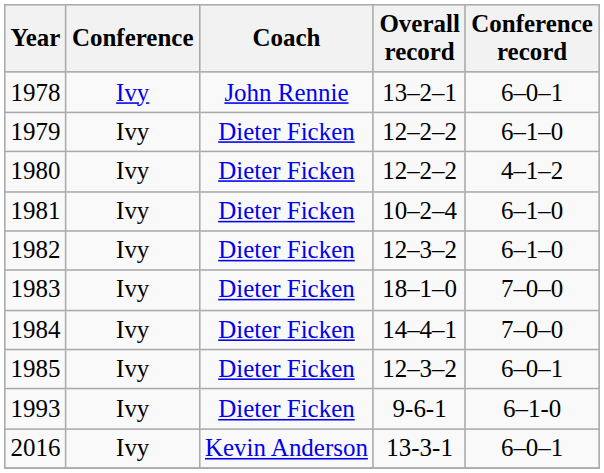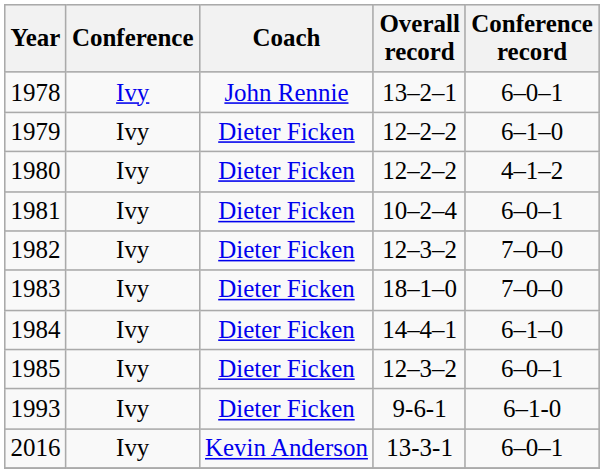 <table class="wikitable" style="width: %;">
 <tr>
 <th>Year</th>
 <th>Conference</th>
 <th>Coach</th>
 <th>Overall<br>record</th>
 <th>Conference<br>record</th>
 </tr>
 <tr style="text-align:center;">
 <td>1978</td>
 <td><a href='#'>Ivy</a></td>
 <td><a href='#'>John Rennie</a></td>
 <td>13–2–1</td>
 <td>6–0–1</td>
 </tr>
 <tr style="text-align:center;">
 <td>1979</td>
 <td>Ivy</td>
 <td><a href='#'>Dieter Ficken</a></td>
 <td>12–2–2</td>
 <td>6–1–0</td>
 </tr>
 <tr style="text-align:center;">
 <td>1980</td>
 <td>Ivy</td>
 <td><a href='#'>Dieter Ficken</a></td>
 <td>12–2–2</td>
 <td>4–1–2</td>
 </tr>
 <tr style="text-align:center;">
 <td>1981</td>
 <td>Ivy</td>
 <td><a href='#'>Dieter Ficken</a></td>
 <td>10–2–4</td>
-<td>6–1–0</td>
+<td>6–0–1</td>
 </tr>
 <tr style="text-align:center;">
 <td>1982</td>
 <td>Ivy</td>
 <td><a href='#'>Dieter Ficken</a></td>
 <td>12–3–2</td>
-<td>6–1–0</td>
+<td>7–0–0</td>
 </tr>
 <tr style="text-align:center;">
 <td>1983</td>
 <td>Ivy</td>
 <td><a href='#'>Dieter Ficken</a></td>
 <td>18–1–0</td>
 <td>7–0–0</td>
 </tr>
 <tr style="text-align:center;">
 <td>1984</td>
 <td>Ivy</td>
 <td><a href='#'>Dieter Ficken</a></td>
 <td>14–4–1</td>
-<td>7–0–0</td>
+<td>6–1–0</td>
 </tr>
 <tr style="text-align:center;">
 <td>1985</td>
 <td>Ivy</td>
 <td><a href='#'>Dieter Ficken</a></td>
 <td>12–3–2</td>
 <td>6–0–1</td>
 </tr>
 <tr style="text-align:center;">
 <td>1993</td>
 <td>Ivy</td>
 <td><a href='#'>Dieter Ficken</a></td>
 <td>9-6-1</td>
 <td>6–1-0</td>
 </tr>
 <tr style="text-align:center;">
 <td>2016</td>
 <td>Ivy</td>
 <td><a href='#'>Kevin Anderson</a></td>
 <td>13-3-1</td>
 <td>6–0–1</td>
 </tr>
 <tr style="text-align:center;">
 </tr>
 </table>
